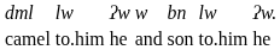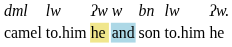 <table>
 <tr>
 <td><em>dml</em></td>
 <td><em>lw</em></td>
 <td><em>ʔw</em></td>
 <td><em>w</em></td>
 <td><em>bn</em></td>
 <td><em>lw</em></td>
 <td><em>ʔw. </em></td>
 </tr>
 <tr>
 <td>camel</td>
 <td>to.him</td>
-<td>he</td>
-<td>and</td>
+<td style="background: khaki;">he</td>
+<td style="background: lightblue;">and</td>
 <td>son</td>
 <td>to.him</td>
 <td>he</td>
 </tr>
 </table>
